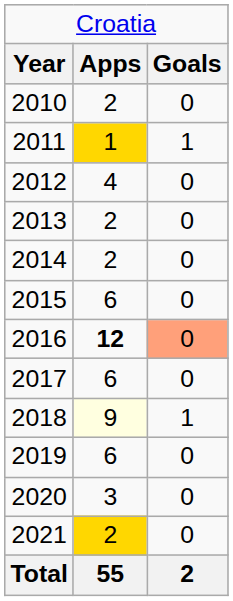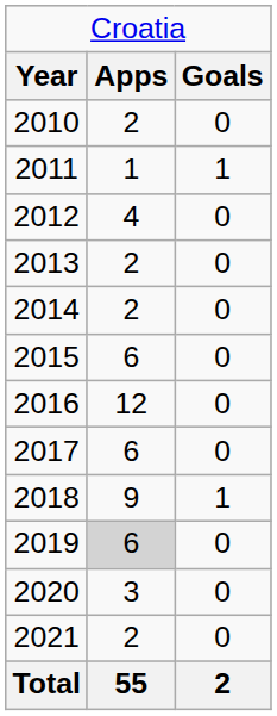 <table class="wikitable" style="text-align:center">
 <tr>
 <td colspan=3><a href='#'>Croatia</a></td>
 </tr>
 <tr>
 <th>Year</th>
 <th>Apps</th>
 <th>Goals</th>
 </tr>
 <tr>
 <td>2010</td>
 <td>2</td>
 <td>0</td>
 </tr>
 <tr>
 <td>2011</td>
-<td style="background: gold;">1</td>
+<td>1</td>
 <td>1</td>
 </tr>
 <tr>
 <td>2012</td>
 <td>4</td>
 <td>0</td>
 </tr>
 <tr>
 <td>2013</td>
 <td>2</td>
 <td>0</td>
 </tr>
 <tr>
 <td>2014</td>
 <td>2</td>
 <td>0</td>
 </tr>
 <tr>
 <td>2015</td>
 <td>6</td>
 <td>0</td>
 </tr>
 <tr>
 <td>2016</td>
-<td><strong>12</strong></td>
-<td style="background: lightsalmon;">0</td>
+<td>12</td>
+<td>0</td>
 </tr>
 <tr>
 <td>2017</td>
 <td>6</td>
 <td>0</td>
 </tr>
 <tr>
 <td>2018</td>
-<td style="background: lightyellow;">9</td>
+<td>9</td>
 <td>1</td>
 </tr>
 <tr>
 <td>2019</td>
-<td>6</td>
+<td style="background: lightgrey;">6</td>
 <td>0</td>
 </tr>
 <tr>
 <td>2020</td>
 <td>3</td>
 <td>0</td>
 </tr>
 <tr>
 <td>2021</td>
-<td style="background: gold;">2</td>
+<td>2</td>
 <td>0</td>
 </tr>
 <tr>
 <th>Total</th>
 <th>55</th>
 <th>2</th>
 </tr>
 </table>
